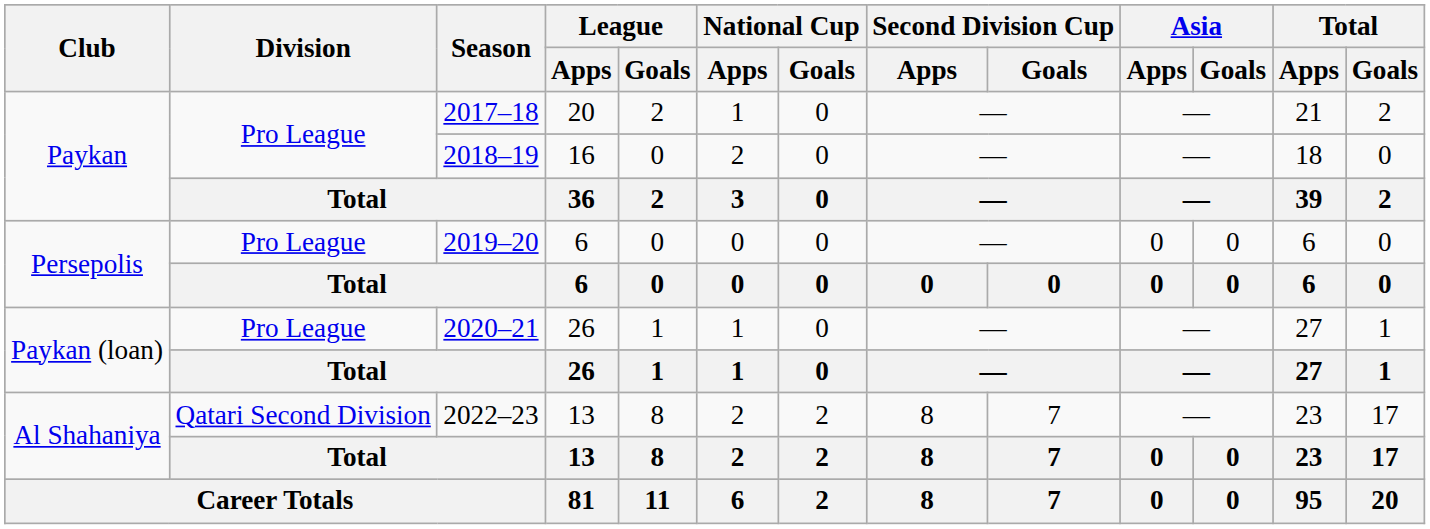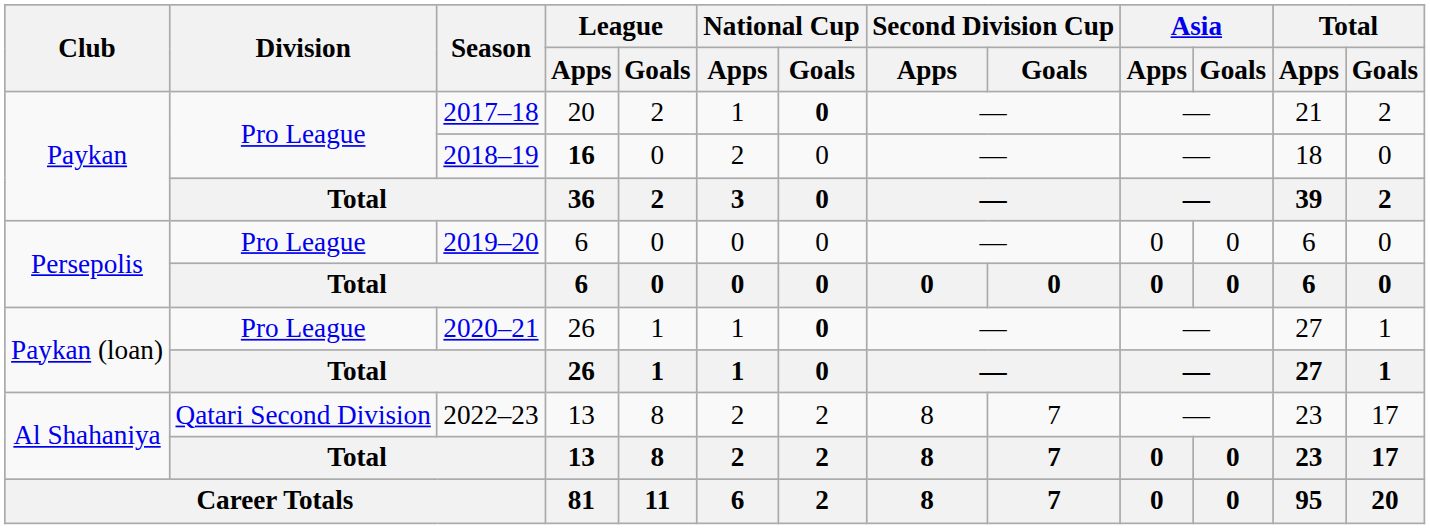 <table class="wikitable" style="text-align: center;">
 <tr>
 <th rowspan="2">Club</th>
 <th rowspan="2">Division</th>
 <th rowspan="2">Season</th>
 <th colspan="2">League</th>
 <th colspan="2">National Cup</th>
 <th colspan="2">Second Division Cup</th>
 <th colspan="2"><a href='#'>Asia</a></th>
 <th colspan="2">Total</th>
 </tr>
 <tr>
 <th>Apps</th>
 <th>Goals</th>
 <th>Apps</th>
 <th>Goals</th>
 <th>Apps</th>
 <th>Goals</th>
 <th>Apps</th>
 <th>Goals</th>
 <th>Apps</th>
 <th>Goals</th>
 </tr>
 <tr>
 <td rowspan="3"><a href='#'>Paykan</a></td>
 <td rowspan="2"><a href='#'>Pro League</a></td>
 <td><a href='#'>2017–18</a></td>
 <td>20</td>
 <td>2</td>
 <td>1</td>
-<td>0</td>
+<td><strong>0</strong></td>
 <td colspan=2>—</td>
 <td colspan=2>—</td>
 <td>21</td>
 <td>2</td>
 </tr>
 <tr>
 <td><a href='#'>2018–19</a></td>
-<td>16</td>
+<td><strong>16</strong></td>
 <td>0</td>
 <td>2</td>
 <td>0</td>
 <td colspan=2>—</td>
 <td colspan=2>—</td>
 <td>18</td>
 <td>0</td>
 </tr>
 <tr>
 <th colspan="2">Total</th>
 <th>36</th>
 <th>2</th>
 <th>3</th>
 <th>0</th>
 <th colspan=2>—</th>
 <th colspan=2>—</th>
 <th>39</th>
 <th>2</th>
 </tr>
 <tr>
 <td rowspan="2"><a href='#'>Persepolis</a></td>
 <td rowspan="1"><a href='#'>Pro League</a></td>
 <td><a href='#'>2019–20</a></td>
 <td>6</td>
 <td>0</td>
 <td>0</td>
 <td>0</td>
 <td colspan=2>—</td>
 <td>0</td>
 <td>0</td>
 <td>6</td>
 <td>0</td>
 </tr>
 <tr>
 <th colspan="2">Total</th>
 <th>6</th>
 <th>0</th>
 <th>0</th>
 <th>0</th>
 <th>0</th>
 <th>0</th>
 <th>0</th>
 <th>0</th>
 <th>6</th>
 <th>0</th>
 </tr>
 <tr>
 <td rowspan="2"><a href='#'>Paykan</a> (loan)</td>
 <td rowspan="1"><a href='#'>Pro League</a></td>
 <td><a href='#'>2020–21</a></td>
 <td>26</td>
 <td>1</td>
 <td>1</td>
-<td>0</td>
+<td><strong>0</strong></td>
 <td colspan=2>—</td>
 <td colspan=2>—</td>
 <td>27</td>
 <td>1</td>
 </tr>
 <tr>
 <th colspan="2">Total</th>
 <th>26</th>
 <th>1</th>
 <th>1</th>
 <th>0</th>
 <th colspan=2>—</th>
 <th colspan=2>—</th>
 <th>27</th>
 <th>1</th>
 </tr>
 <tr>
 <td rowspan="2"><a href='#'>Al Shahaniya</a></td>
 <td rowspan="1"><a href='#'>Qatari Second Division</a></td>
 <td 2022–23 Qatari Second Division>2022–23</td>
 <td>13</td>
 <td>8</td>
 <td>2</td>
 <td>2</td>
 <td>8</td>
 <td>7</td>
 <td colspan=2>—</td>
 <td>23</td>
 <td>17</td>
 </tr>
 <tr>
 <th colspan="2">Total</th>
 <th>13</th>
 <th>8</th>
 <th>2</th>
 <th>2</th>
 <th>8</th>
 <th>7</th>
 <th>0</th>
 <th>0</th>
 <th>23</th>
 <th>17</th>
 </tr>
 <tr>
 <th colspan="3">Career Totals</th>
 <th>81</th>
 <th>11</th>
 <th>6</th>
 <th>2</th>
 <th>8</th>
 <th>7</th>
 <th>0</th>
 <th>0</th>
 <th>95</th>
 <th>20</th>
 </tr>
 </table>
